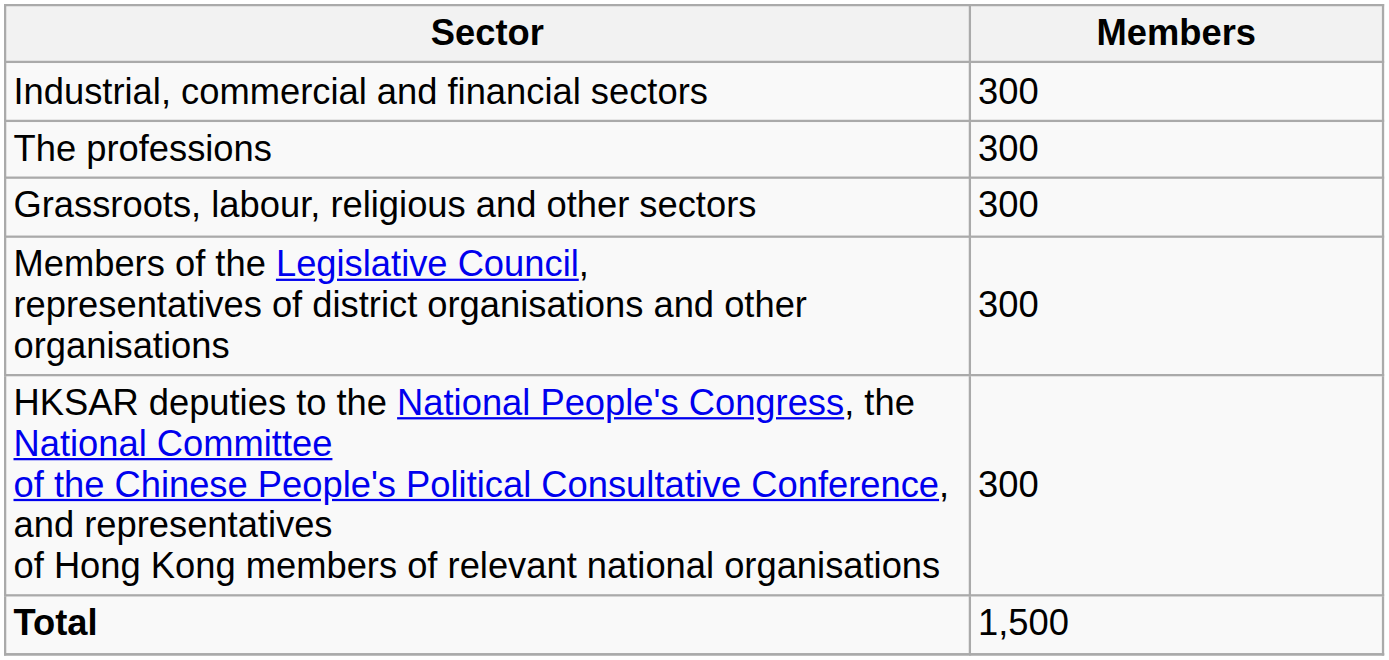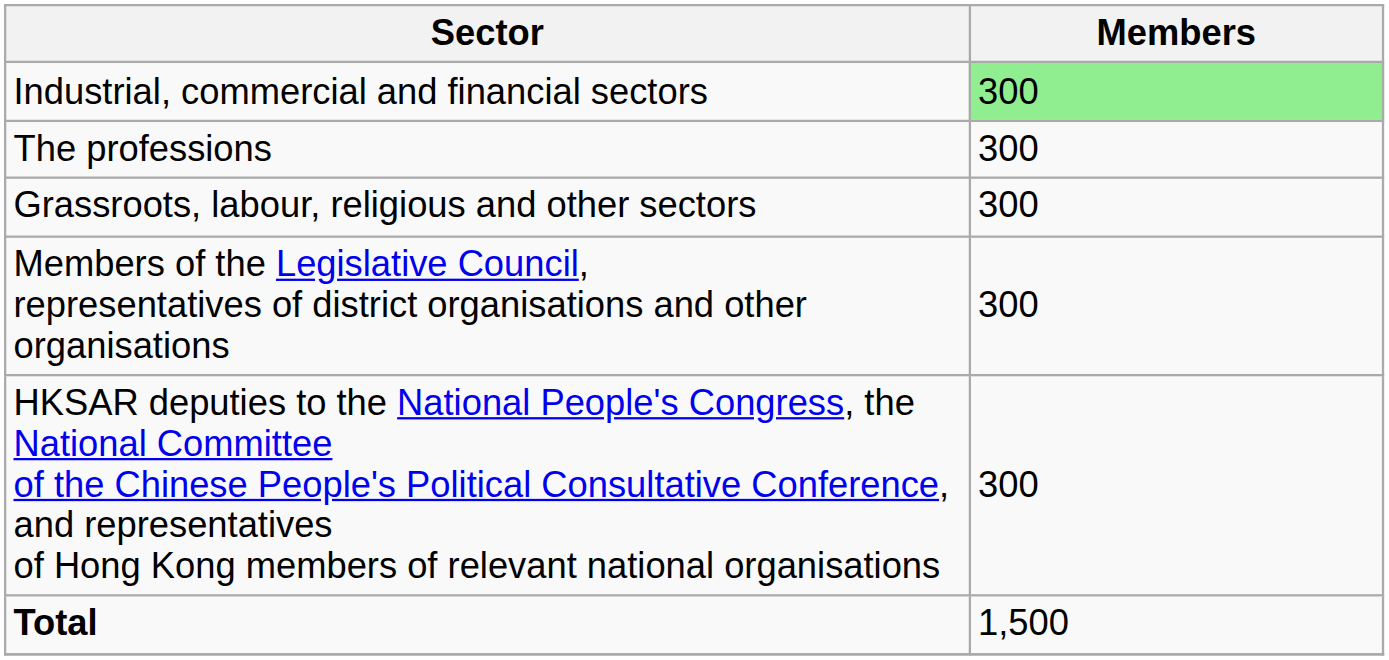 <table class="wikitable">
 <tr>
 <th width=70%>Sector</th>
 <th width=30%>Members</th>
 </tr>
 <tr>
 <td>Industrial, commercial and financial sectors</td>
-<td>300</td>
+<td style="background: lightgreen;">300</td>
 </tr>
 <tr>
 <td>The professions</td>
 <td>300</td>
 </tr>
 <tr>
 <td>Grassroots, labour, religious and other sectors</td>
 <td>300</td>
 </tr>
 <tr>
 <td>Members of the <a href='#'>Legislative Council</a>,<br> representatives of district organisations and other organisations</td>
 <td>300</td>
 </tr>
 <tr>
 <td>HKSAR deputies to the <a href='#'>National People's Congress</a>, the <a href='#'>National Committee<br> of the Chinese People's Political Consultative Conference</a>, and representatives<br> of Hong Kong members of relevant national organisations</td>
 <td>300</td>
 </tr>
 <tr>
 <td><strong>Total</strong></td>
 <td>1,500</td>
 </tr>
 <tr>
 </tr>
 </table>
